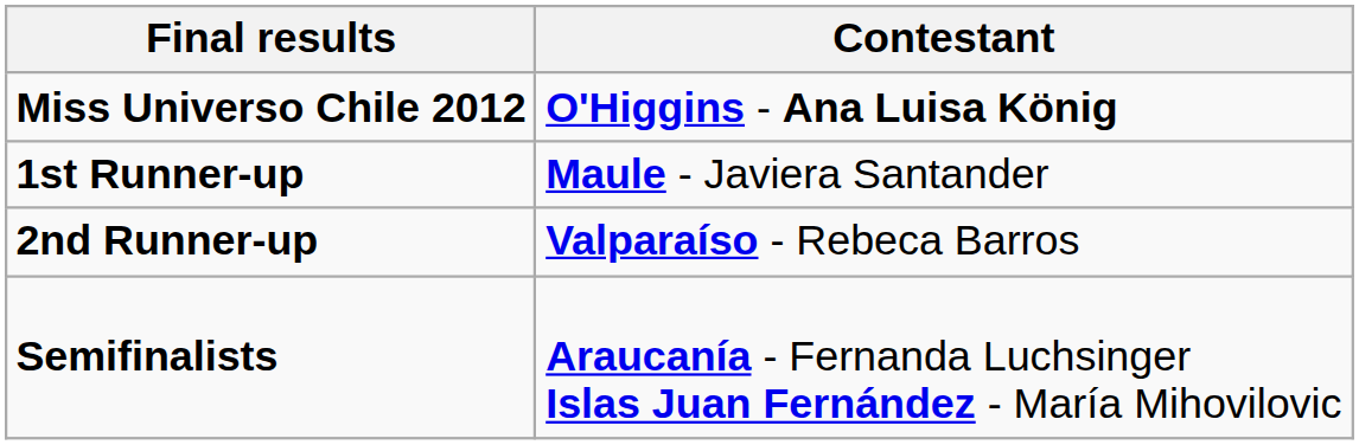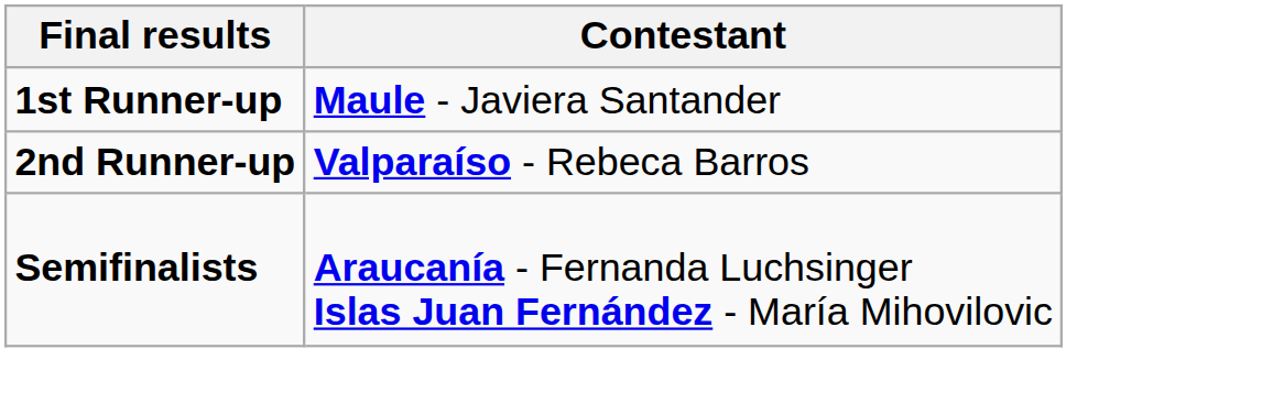 <table class="wikitable">
 <tr>
 <th>Final results</th>
 <th>Contestant</th>
-</tr>
-<tr>
-<td><strong>Miss Universo Chile 2012</strong></td>
-<td><strong><a href='#'>O'Higgins</a></strong> - <strong>Ana Luisa König</strong></td>
 </tr>
 <tr>
 <td><strong>1st Runner-up</strong></td>
 <td><strong><a href='#'>Maule</a></strong> - Javiera Santander</td>
 </tr>
 <tr>
 <td><strong>2nd Runner-up</strong></td>
 <td><strong><a href='#'>Valparaíso</a></strong> - Rebeca Barros</td>
 </tr>
 <tr>
 <td><strong>Semifinalists</strong></td>
 <td><br><strong><a href='#'>Araucanía</a></strong> - Fernanda Luchsinger<br>  <strong><a href='#'>Islas Juan Fernández</a></strong> - María Mihovilovic</td>
 </tr>
 </table>
